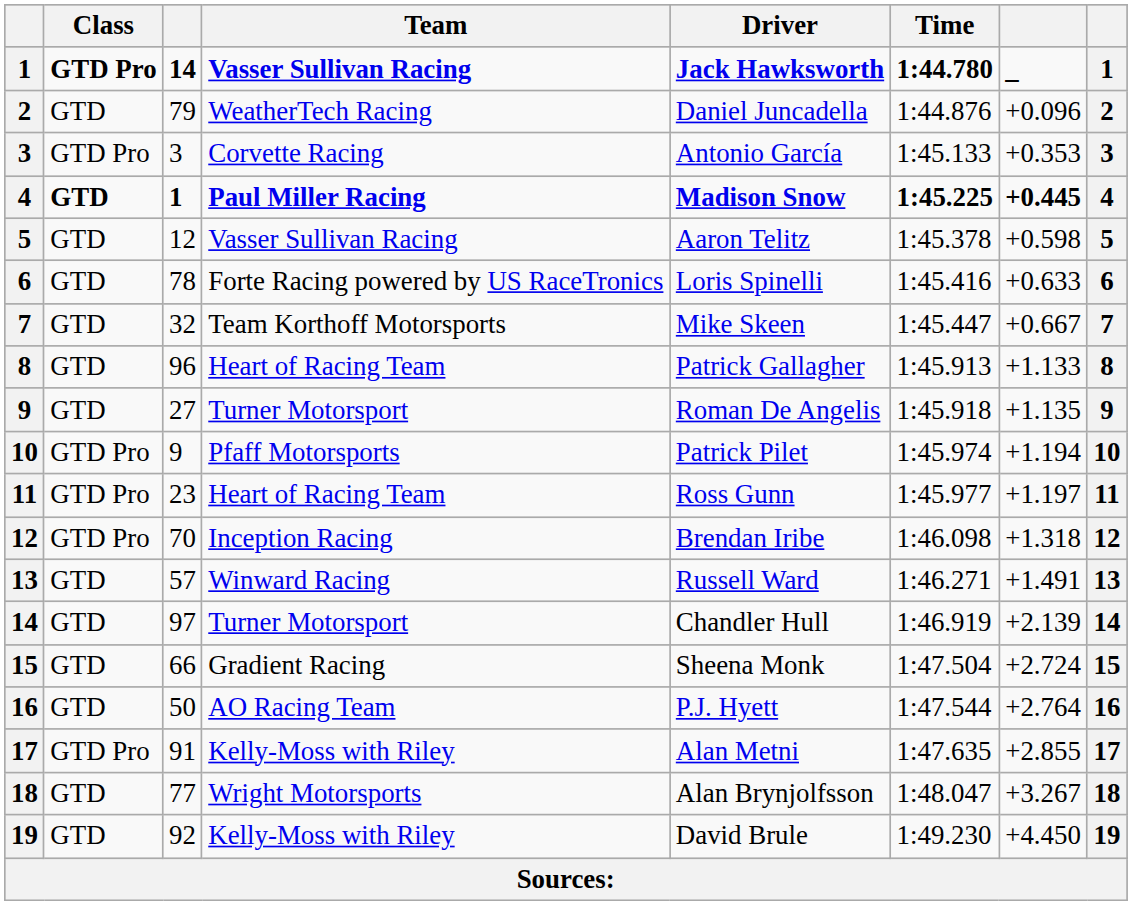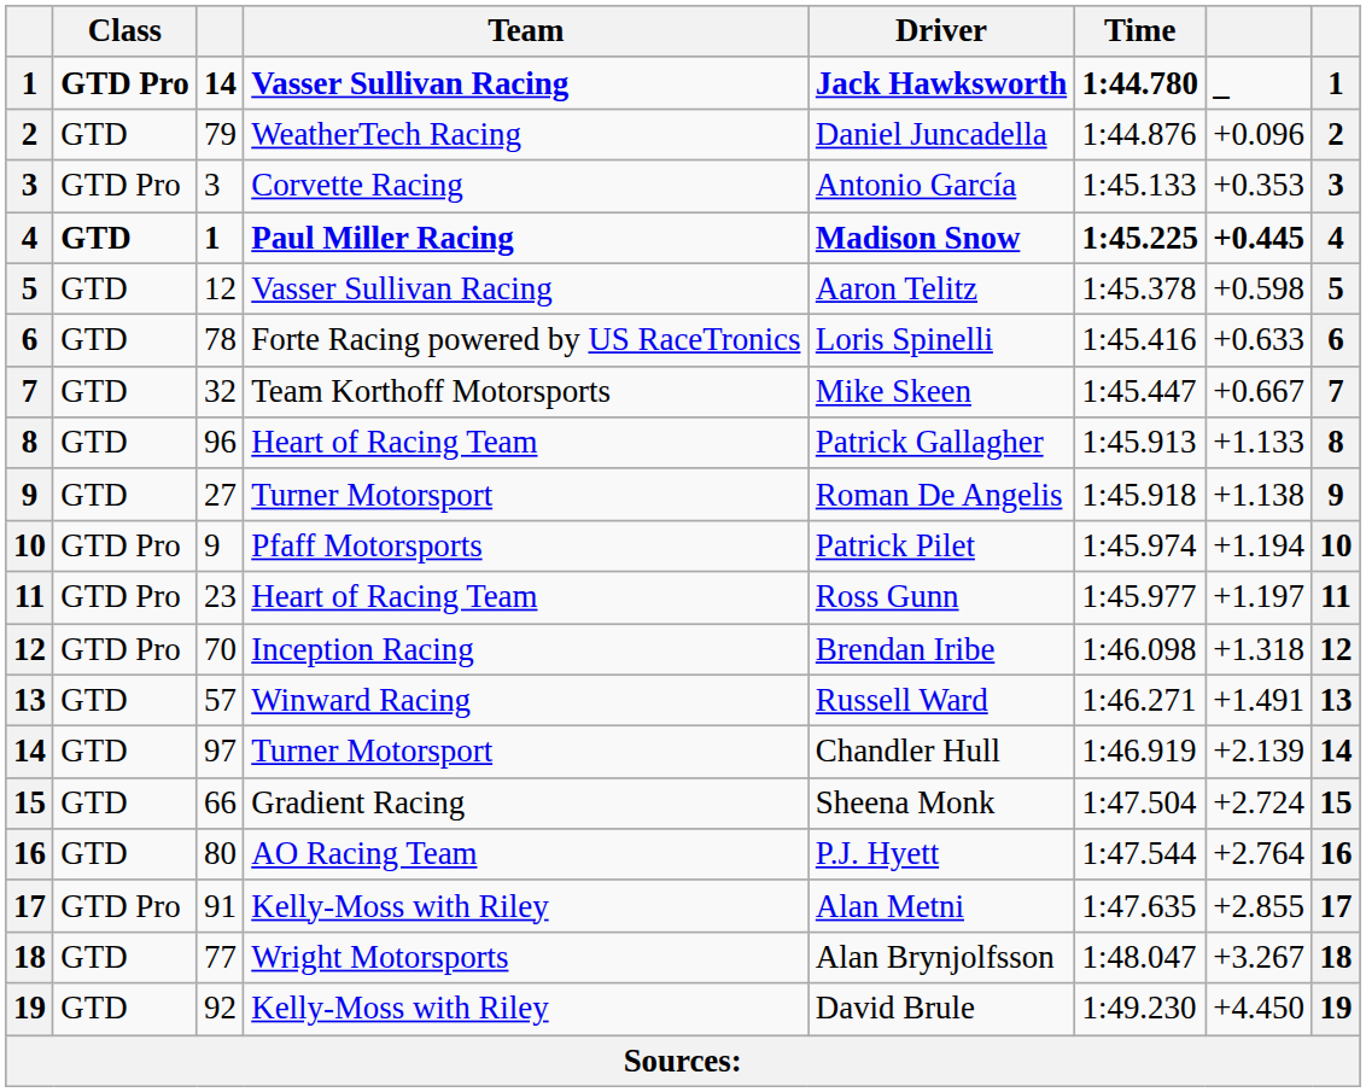 <table class="wikitable">
 <tr>
 <th></th>
 <th>Class</th>
 <th></th>
 <th>Team</th>
 <th>Driver</th>
 <th>Time</th>
 <th></th>
 <th></th>
 </tr>
 <tr style="font-weight:bold">
 <th>1</th>
 <td>GTD Pro</td>
 <td>14</td>
 <td> <a href='#'>Vasser Sullivan Racing</a></td>
 <td> <a href='#'>Jack Hawksworth</a></td>
 <td>1:44.780</td>
 <td><strong>_</strong></td>
 <th>1</th>
 </tr>
 <tr>
 <th>2</th>
 <td>GTD</td>
 <td>79</td>
 <td> <a href='#'>WeatherTech Racing</a></td>
 <td> <a href='#'>Daniel Juncadella</a></td>
 <td>1:44.876</td>
 <td>+0.096</td>
 <th>2</th>
 </tr>
 <tr>
 <th>3</th>
 <td>GTD Pro</td>
 <td>3</td>
 <td> <a href='#'>Corvette Racing</a></td>
 <td> <a href='#'>Antonio García</a></td>
 <td>1:45.133</td>
 <td>+0.353</td>
 <th>3</th>
 </tr>
 <tr style="font-weight:bold">
 <th>4</th>
 <td>GTD</td>
 <td>1</td>
 <td> <a href='#'>Paul Miller Racing</a></td>
 <td> <a href='#'>Madison Snow</a></td>
 <td>1:45.225</td>
 <td>+0.445</td>
 <th>4</th>
 </tr>
 <tr>
 <th>5</th>
 <td>GTD</td>
 <td>12</td>
 <td> <a href='#'>Vasser Sullivan Racing</a></td>
 <td> <a href='#'>Aaron Telitz</a></td>
 <td>1:45.378</td>
 <td>+0.598</td>
 <th>5</th>
 </tr>
 <tr>
 <th>6</th>
 <td>GTD</td>
 <td>78</td>
 <td> Forte Racing powered by <a href='#'>US RaceTronics</a></td>
 <td> <a href='#'>Loris Spinelli</a></td>
 <td>1:45.416</td>
 <td>+0.633</td>
 <th>6</th>
 </tr>
 <tr>
 <th>7</th>
 <td>GTD</td>
 <td>32</td>
 <td> Team Korthoff Motorsports</td>
 <td> <a href='#'>Mike Skeen</a></td>
 <td>1:45.447</td>
 <td>+0.667</td>
 <th>7</th>
 </tr>
 <tr>
 <th>8</th>
 <td>GTD</td>
 <td>96</td>
 <td> <a href='#'>Heart of Racing Team</a></td>
 <td> <a href='#'>Patrick Gallagher</a></td>
 <td>1:45.913</td>
 <td>+1.133</td>
 <th>8</th>
 </tr>
 <tr>
 <th>9</th>
 <td>GTD</td>
 <td>27</td>
 <td> <a href='#'>Turner Motorsport</a></td>
 <td> <a href='#'>Roman De Angelis</a></td>
 <td>1:45.918</td>
-<td>+1.135</td>
+<td>+1.138</td>
 <th>9</th>
 </tr>
 <tr>
 <th>10</th>
 <td>GTD Pro</td>
 <td>9</td>
 <td> <a href='#'>Pfaff Motorsports</a></td>
 <td> <a href='#'>Patrick Pilet</a></td>
 <td>1:45.974</td>
 <td>+1.194</td>
 <th>10</th>
 </tr>
 <tr>
 <th>11</th>
 <td>GTD Pro</td>
 <td>23</td>
 <td> <a href='#'>Heart of Racing Team</a></td>
 <td> <a href='#'>Ross Gunn</a></td>
 <td>1:45.977</td>
 <td>+1.197</td>
 <th>11</th>
 </tr>
 <tr>
 <th>12</th>
 <td>GTD Pro</td>
 <td>70</td>
 <td> <a href='#'>Inception Racing</a></td>
 <td> <a href='#'>Brendan Iribe</a></td>
 <td>1:46.098</td>
 <td>+1.318</td>
 <th>12</th>
 </tr>
 <tr>
 <th>13</th>
 <td>GTD</td>
 <td>57</td>
 <td> <a href='#'>Winward Racing</a></td>
 <td> <a href='#'>Russell Ward</a></td>
 <td>1:46.271</td>
 <td>+1.491</td>
 <th>13</th>
 </tr>
 <tr>
 <th>14</th>
 <td>GTD</td>
 <td>97</td>
 <td> <a href='#'>Turner Motorsport</a></td>
 <td> Chandler Hull</td>
 <td>1:46.919</td>
 <td>+2.139</td>
 <th>14</th>
 </tr>
 <tr>
 <th>15</th>
 <td>GTD</td>
 <td>66</td>
 <td> Gradient Racing</td>
 <td> Sheena Monk</td>
 <td>1:47.504</td>
 <td>+2.724</td>
 <th>15</th>
 </tr>
 <tr>
 <th>16</th>
 <td>GTD</td>
-<td>50</td>
+<td>80</td>
 <td> <a href='#'>AO Racing Team</a></td>
 <td> <a href='#'>P.J. Hyett</a></td>
 <td>1:47.544</td>
 <td>+2.764</td>
 <th>16</th>
 </tr>
 <tr>
 <th>17</th>
 <td>GTD Pro</td>
 <td>91</td>
 <td> <a href='#'>Kelly-Moss with Riley</a></td>
 <td> <a href='#'>Alan Metni</a></td>
 <td>1:47.635</td>
 <td>+2.855</td>
 <th>17</th>
 </tr>
 <tr>
 <th>18</th>
 <td>GTD</td>
 <td>77</td>
 <td> <a href='#'>Wright Motorsports</a></td>
 <td> Alan Brynjolfsson</td>
 <td>1:48.047</td>
 <td>+3.267</td>
 <th>18</th>
 </tr>
 <tr>
 <th>19</th>
 <td>GTD</td>
 <td>92</td>
 <td> <a href='#'>Kelly-Moss with Riley</a></td>
 <td> David Brule</td>
 <td>1:49.230</td>
 <td>+4.450</td>
 <th>19</th>
 </tr>
 <tr>
 <th colspan="8">Sources:</th>
 </tr>
 </table>
